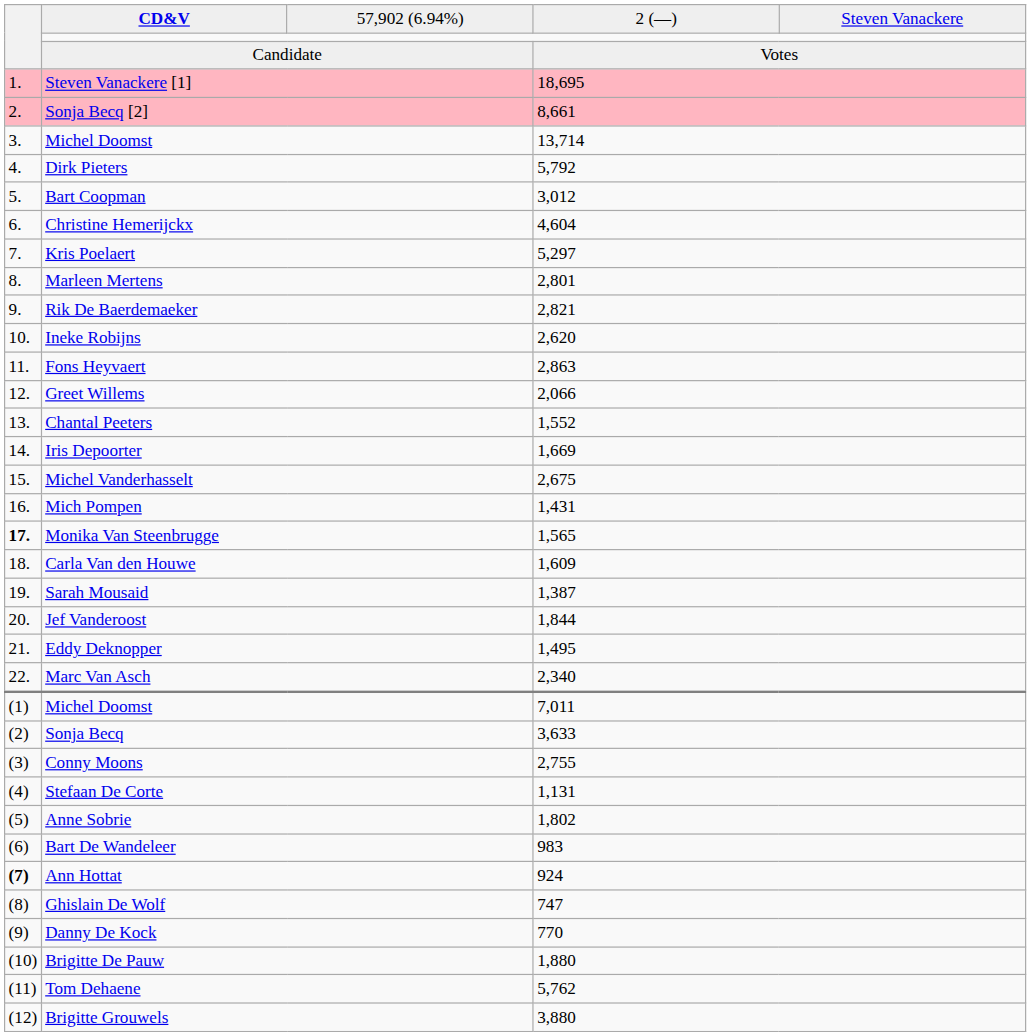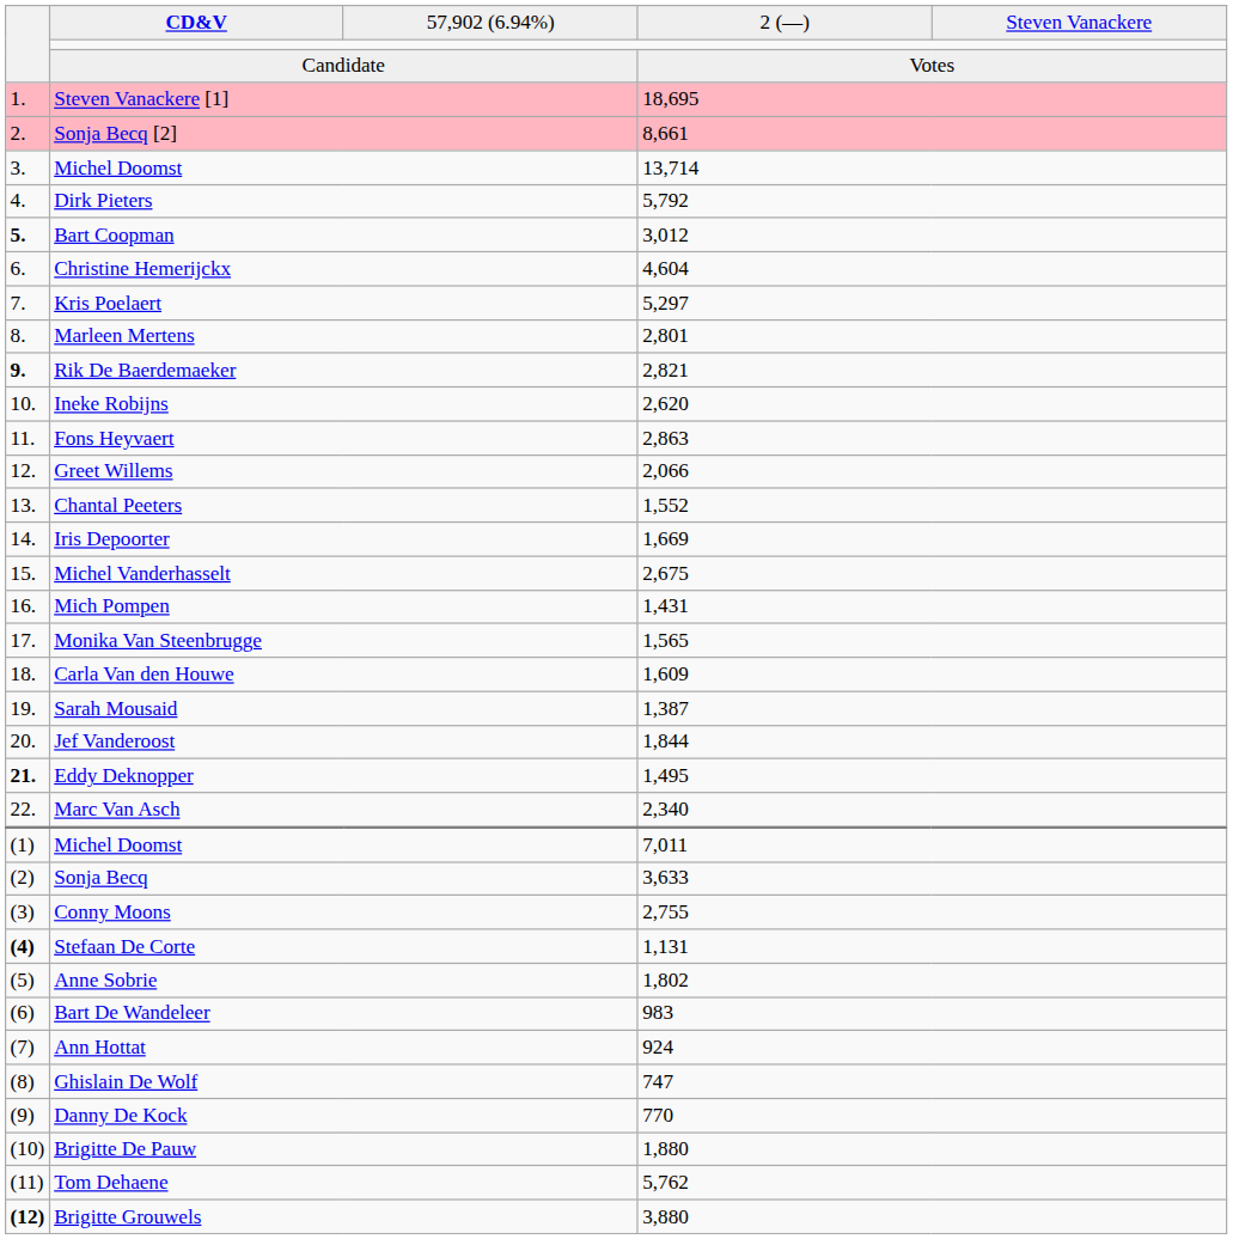 <table class="wikitable collapsible collapsed" style=text-align:left;font-size:90%>
 <tr>
 <th rowspan=3></th>
 <td bgcolor=efefef width=200 align=center><strong> <a href='#'>CD&V</a></strong></td>
 <td bgcolor=efefef width=200 align=center>57,902 (6.94%)</td>
 <td bgcolor=efefef width=200 align=center>2 (—)</td>
 <td bgcolor=efefef width=200 align=center><a href='#'>Steven Vanackere</a></td>
 </tr>
 <tr>
 <td colspan=4 bgcolor=></td>
 </tr>
 <tr>
 <td bgcolor=efefef align=center colspan=2>Candidate</td>
 <td bgcolor=efefef align=center colspan=2>Votes</td>
 </tr>
 <tr bgcolor=lightpink>
 <td>1.</td>
 <td colspan=2><a href='#'>Steven Vanackere</a> [1]</td>
 <td colspan=2>18,695</td>
 </tr>
 <tr bgcolor=lightpink>
 <td>2.</td>
 <td colspan=2><a href='#'>Sonja Becq</a> [2]</td>
 <td colspan=2>8,661</td>
 </tr>
 <tr>
 <td>3.</td>
 <td colspan=2><a href='#'>Michel Doomst</a></td>
 <td colspan=2>13,714</td>
 </tr>
 <tr>
 <td>4.</td>
 <td colspan=2><a href='#'>Dirk Pieters</a></td>
 <td colspan=2>5,792</td>
 </tr>
 <tr>
-<td>5.</td>
+<td><strong>5.</strong></td>
 <td colspan=2><a href='#'>Bart Coopman</a></td>
 <td colspan=2>3,012</td>
 </tr>
 <tr>
 <td>6.</td>
 <td colspan=2><a href='#'>Christine Hemerijckx</a></td>
 <td colspan=2>4,604</td>
 </tr>
 <tr>
 <td>7.</td>
 <td colspan=2><a href='#'>Kris Poelaert</a></td>
 <td colspan=2>5,297</td>
 </tr>
 <tr>
 <td>8.</td>
 <td colspan=2><a href='#'>Marleen Mertens</a></td>
 <td colspan=2>2,801</td>
 </tr>
 <tr>
-<td>9.</td>
+<td><strong>9.</strong></td>
 <td colspan=2><a href='#'>Rik De Baerdemaeker</a></td>
 <td colspan=2>2,821</td>
 </tr>
 <tr>
 <td>10.</td>
 <td colspan=2><a href='#'>Ineke Robijns</a></td>
 <td colspan=2>2,620</td>
 </tr>
 <tr>
 <td>11.</td>
 <td colspan=2><a href='#'>Fons Heyvaert</a></td>
 <td colspan=2>2,863</td>
 </tr>
 <tr>
 <td>12.</td>
 <td colspan=2><a href='#'>Greet Willems</a></td>
 <td colspan=2>2,066</td>
 </tr>
 <tr>
 <td>13.</td>
 <td colspan=2><a href='#'>Chantal Peeters</a></td>
 <td colspan=2>1,552</td>
 </tr>
 <tr>
 <td>14.</td>
 <td colspan=2><a href='#'>Iris Depoorter</a></td>
 <td colspan=2>1,669</td>
 </tr>
 <tr>
 <td>15.</td>
 <td colspan=2><a href='#'>Michel Vanderhasselt</a></td>
 <td colspan=2>2,675</td>
 </tr>
 <tr>
 <td>16.</td>
 <td colspan=2><a href='#'>Mich Pompen</a></td>
 <td colspan=2>1,431</td>
 </tr>
 <tr>
-<td><strong>17.</strong></td>
+<td>17.</td>
 <td colspan=2><a href='#'>Monika Van Steenbrugge</a></td>
 <td colspan=2>1,565</td>
 </tr>
 <tr>
 <td>18.</td>
 <td colspan=2><a href='#'>Carla Van den Houwe</a></td>
 <td colspan=2>1,609</td>
 </tr>
 <tr>
 <td>19.</td>
 <td colspan=2><a href='#'>Sarah Mousaid</a></td>
 <td colspan=2>1,387</td>
 </tr>
 <tr>
 <td>20.</td>
 <td colspan=2><a href='#'>Jef Vanderoost</a></td>
 <td colspan=2>1,844</td>
 </tr>
 <tr>
-<td>21.</td>
+<td><strong>21.</strong></td>
 <td colspan=2><a href='#'>Eddy Deknopper</a></td>
 <td colspan=2>1,495</td>
 </tr>
 <tr>
 <td>22.</td>
 <td colspan=2><a href='#'>Marc Van Asch</a></td>
 <td colspan=2>2,340</td>
 </tr>
 <tr style="border-top:2px solid gray;">
 <td>(1)</td>
 <td colspan=2><a href='#'>Michel Doomst</a></td>
 <td colspan=2>7,011</td>
 </tr>
 <tr>
 <td>(2)</td>
 <td colspan=2><a href='#'>Sonja Becq</a></td>
 <td colspan=2>3,633</td>
 </tr>
 <tr>
 <td>(3)</td>
 <td colspan=2><a href='#'>Conny Moons</a></td>
 <td colspan=2>2,755</td>
 </tr>
 <tr>
-<td>(4)</td>
+<td><strong>(4)</strong></td>
 <td colspan=2><a href='#'>Stefaan De Corte</a></td>
 <td colspan=2>1,131</td>
 </tr>
 <tr>
 <td>(5)</td>
 <td colspan=2><a href='#'>Anne Sobrie</a></td>
 <td colspan=2>1,802</td>
 </tr>
 <tr>
 <td>(6)</td>
 <td colspan=2><a href='#'>Bart De Wandeleer</a></td>
 <td colspan=2>983</td>
 </tr>
 <tr>
-<td><strong>(7)</strong></td>
+<td>(7)</td>
 <td colspan=2><a href='#'>Ann Hottat</a></td>
 <td colspan=2>924</td>
 </tr>
 <tr>
 <td>(8)</td>
 <td colspan=2><a href='#'>Ghislain De Wolf</a></td>
 <td colspan=2>747</td>
 </tr>
 <tr>
 <td>(9)</td>
 <td colspan=2><a href='#'>Danny De Kock</a></td>
 <td colspan=2>770</td>
 </tr>
 <tr>
 <td>(10)</td>
 <td colspan=2><a href='#'>Brigitte De Pauw</a></td>
 <td colspan=2>1,880</td>
 </tr>
 <tr>
 <td>(11)</td>
 <td colspan=2><a href='#'>Tom Dehaene</a></td>
 <td colspan=2>5,762</td>
 </tr>
 <tr>
-<td>(12)</td>
+<td><strong>(12)</strong></td>
 <td colspan=2><a href='#'>Brigitte Grouwels</a></td>
 <td colspan=2>3,880</td>
 </tr>
 </table>
